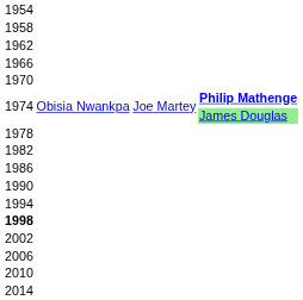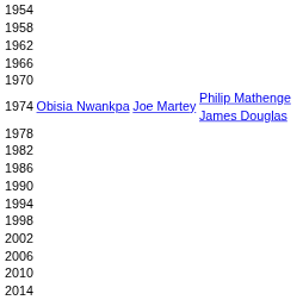 <table>
 <tr>
 <td nowrap>1954</td>
 <td></td>
 <td></td>
 <td></td>
 </tr>
 <tr>
 <td rowspan=2>1958</td>
 <td rowspan=2></td>
 <td rowspan=2></td>
 <td></td>
 </tr>
 <tr>
 <td></td>
 </tr>
 <tr>
 <td rowspan=2>1962</td>
 <td rowspan=2></td>
 <td rowspan=2></td>
 <td></td>
 </tr>
 <tr>
 <td></td>
 </tr>
 <tr>
 <td>1966</td>
 <td></td>
 <td></td>
 <td><br></td>
 </tr>
 <tr>
 <td rowspan=2>1970</td>
 <td rowspan=2></td>
 <td rowspan=2></td>
 <td></td>
 </tr>
 <tr>
 <td></td>
 </tr>
 <tr>
 <td rowspan=2>1974</td>
 <td rowspan=2> <a href='#'>Obisia Nwankpa</a></td>
 <td rowspan=2> <a href='#'>Joe Martey</a></td>
-<td><strong> <a href='#'>Philip Mathenge</a></strong></td>
+<td> <a href='#'>Philip Mathenge</a></td>
 </tr>
 <tr>
-<td style="background: lightgreen;"> <a href='#'>James Douglas</a></td>
+<td> <a href='#'>James Douglas</a></td>
 </tr>
 <tr>
 <td rowspan=2>1978</td>
 <td rowspan=2></td>
 <td rowspan=2></td>
 <td></td>
 </tr>
 <tr>
 <td></td>
 </tr>
 <tr>
 <td rowspan=2>1982</td>
 <td rowspan=2></td>
 <td rowspan=2></td>
 <td></td>
 </tr>
 <tr>
 <td></td>
 </tr>
 <tr>
 <td>1986</td>
 <td></td>
 <td></td>
 <td><br></td>
 </tr>
 <tr>
 <td>1990</td>
 <td></td>
 <td></td>
 <td><br></td>
 </tr>
 <tr>
 <td>1994</td>
 <td></td>
 <td></td>
 <td><br></td>
 </tr>
 <tr>
-<td><strong>1998</strong></td>
+<td>1998</td>
 <td></td>
 <td></td>
 <td><br></td>
 </tr>
 <tr>
 <td rowspan=2>2002</td>
 <td rowspan=2></td>
 <td rowspan=2></td>
 <td></td>
 </tr>
 <tr>
 <td></td>
 </tr>
 <tr>
 <td rowspan=2>2006</td>
 <td rowspan=2></td>
 <td rowspan=2></td>
 <td></td>
 </tr>
 <tr>
 <td></td>
 </tr>
 <tr>
 <td rowspan=2>2010<br></td>
 <td rowspan=2></td>
 <td rowspan=2></td>
 <td></td>
 </tr>
 <tr>
 <td></td>
 </tr>
 <tr>
 <td rowspan=2>2014<br></td>
 <td rowspan=2></td>
 <td rowspan=2></td>
 <td></td>
 </tr>
 <tr>
 <td></td>
 </tr>
 </table>
